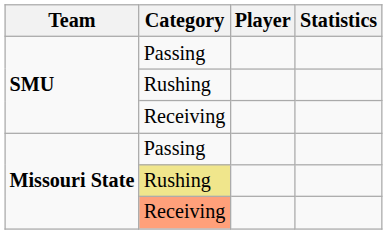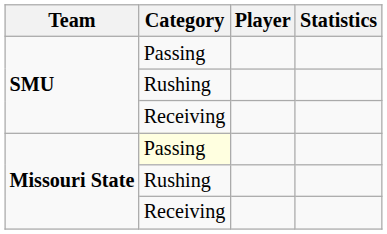 <table class="wikitable" style="float: right;">
 <tr>
 <th>Team</th>
 <th>Category</th>
 <th>Player</th>
 <th>Statistics</th>
 </tr>
 <tr>
 <td rowspan=3><strong>SMU</strong></td>
 <td>Passing</td>
 <td></td>
 <td></td>
 </tr>
 <tr>
 <td>Rushing</td>
 <td></td>
 <td></td>
 </tr>
 <tr>
 <td>Receiving</td>
 <td></td>
 <td></td>
 </tr>
 <tr>
 <td rowspan=3><strong>Missouri State</strong></td>
-<td>Passing</td>
+<td style="background: lightyellow;">Passing</td>
 <td></td>
 <td></td>
 </tr>
 <tr>
-<td style="background: khaki;">Rushing</td>
+<td>Rushing</td>
 <td></td>
 <td></td>
 </tr>
 <tr>
-<td style="background: lightsalmon;">Receiving</td>
+<td>Receiving</td>
 <td></td>
 <td></td>
 </tr>
 </table>
